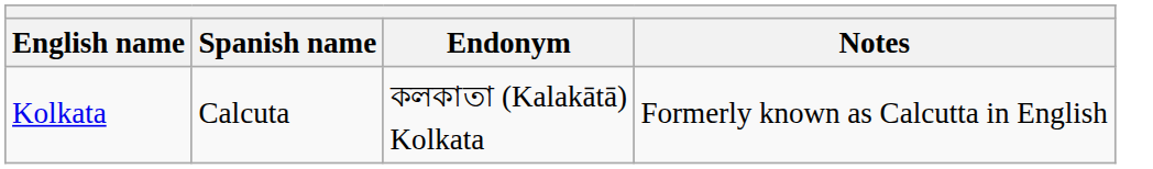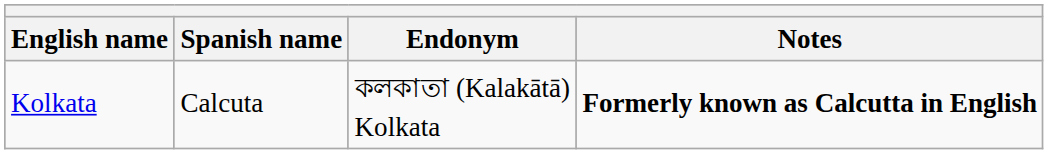 <table class="wikitable sortable">
 <tr>
 <th colspan="4"></th>
 </tr>
 <tr>
 <th>English name</th>
 <th>Spanish name</th>
 <th>Endonym</th>
 <th>Notes</th>
 </tr>
 <tr>
 <td><a href='#'>Kolkata</a></td>
 <td>Calcuta</td>
 <td>কলকাতা (Kalakātā)<br>Kolkata</td>
-<td>Formerly known as Calcutta in English</td>
+<td><strong>Formerly known as Calcutta in English</strong></td>
 </tr>
 </table>
